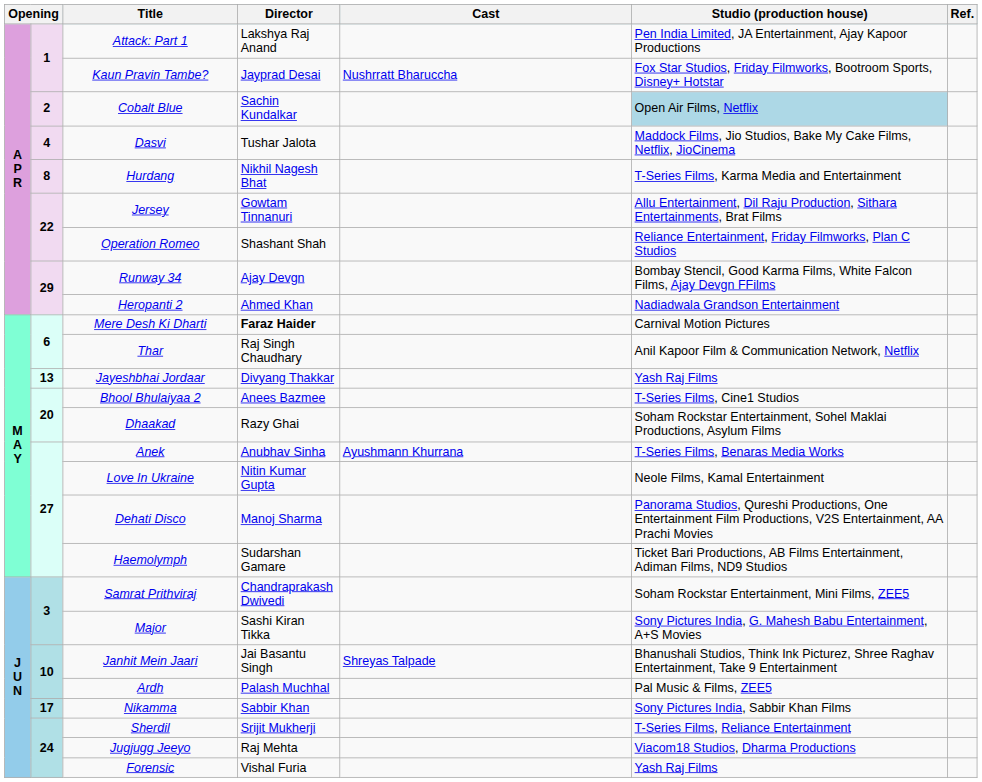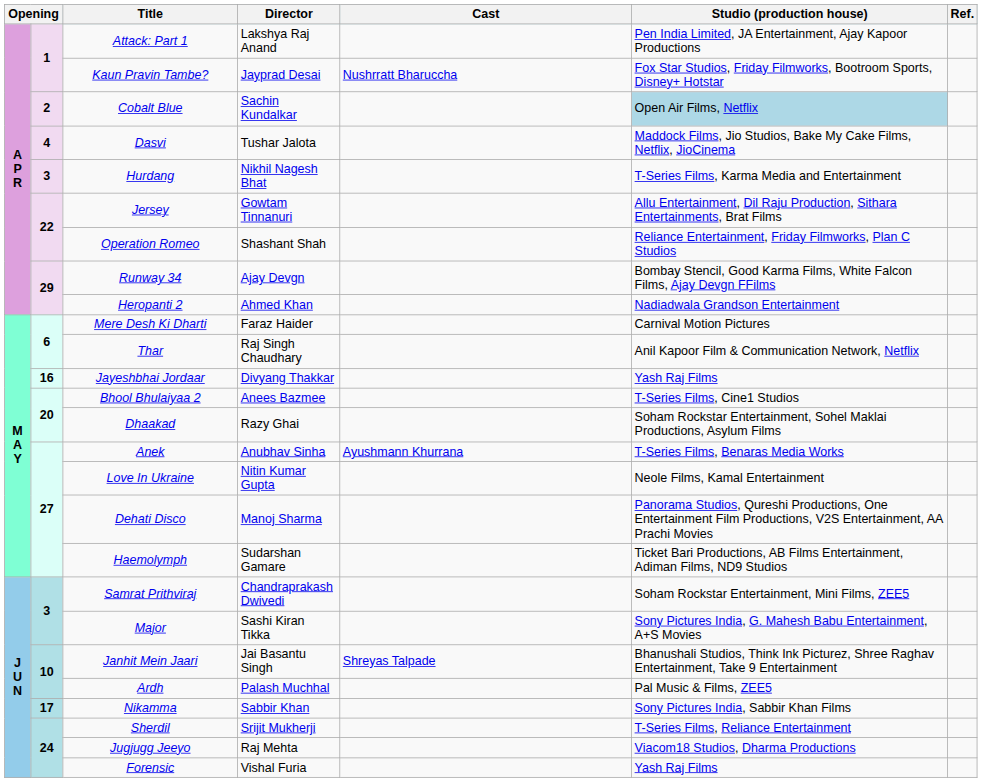 <table class="wikitable">
 <tr style="background:#b0e0e6; text-align:center;">
 <th colspan="2" style="width:6%;"><strong>Opening</strong></th>
 <th style="width:18%;"><strong>Title</strong></th>
 <th style="width:10.5%;"><strong>Director</strong></th>
 <th style="width:30%;"><strong>Cast</strong></th>
 <th>Studio (production house)</th>
 <th>Ref.</th>
 </tr>
 <tr April!>
 <td rowspan="9" style="text-align:center; background:plum;"><strong>A<br>P<br>R</strong></td>
 <td rowspan="2" style="text-align:center;background:#f1daf1;"><strong>1</strong></td>
 <td style="text-align:center;"><em><a href='#'>Attack: Part 1</a></em></td>
 <td>Lakshya Raj Anand</td>
 <td></td>
 <td><a href='#'>Pen India Limited</a>, JA Entertainment, Ajay Kapoor Productions</td>
 <td></td>
 </tr>
 <tr>
 <td style="text-align:center;"><em><a href='#'>Kaun Pravin Tambe?</a></em></td>
 <td><a href='#'>Jayprad Desai</a></td>
 <td><a href='#'>Nushrratt Bharuccha</a></td>
 <td><a href='#'>Fox Star Studios</a>, <a href='#'>Friday Filmworks</a>, Bootroom Sports, <a href='#'>Disney+ Hotstar</a></td>
 <td></td>
 </tr>
 <tr>
 <td style="text-align:center;background:#f1daf1;"><strong>2</strong></td>
 <td style="text-align:center;"><em><a href='#'>Cobalt Blue</a></em></td>
 <td><a href='#'>Sachin Kundalkar</a></td>
 <td></td>
 <td style="background: lightblue;">Open Air Films, <a href='#'>Netflix</a></td>
 <td></td>
 </tr>
 <tr>
 <td style="text-align:center;background:#f1daf1;"><strong>4</strong></td>
 <td style="text-align:center;"><em><a href='#'>Dasvi</a></em></td>
 <td>Tushar Jalota</td>
 <td></td>
 <td><a href='#'>Maddock Films</a>, Jio Studios, Bake My Cake Films, <a href='#'>Netflix</a>, <a href='#'>JioCinema</a></td>
 <td></td>
 </tr>
 <tr>
-<td style="text-align:center;background:#f1daf1;"><strong>8</strong></td>
+<td style="text-align:center;background:#f1daf1;"><strong>3</strong></td>
 <td style="text-align:center;"><em><a href='#'>Hurdang</a></em></td>
 <td><a href='#'>Nikhil Nagesh Bhat</a></td>
 <td></td>
 <td><a href='#'>T-Series Films</a>, Karma Media and Entertainment</td>
 <td></td>
 </tr>
 <tr>
 <td rowspan="2" style="text-align:center;background:#f1daf1;"><strong>22</strong></td>
 <td style="text-align:center;"><em><a href='#'>Jersey</a></em></td>
 <td><a href='#'>Gowtam Tinnanuri</a></td>
 <td></td>
 <td><a href='#'>Allu Entertainment</a>, <a href='#'>Dil Raju Production</a>, <a href='#'>Sithara Entertainments</a>, Brat Films</td>
 <td></td>
 </tr>
 <tr>
 <td style="text-align:center;"><em><a href='#'>Operation Romeo</a></em></td>
 <td>Shashant Shah</td>
 <td></td>
 <td><a href='#'>Reliance Entertainment</a>, <a href='#'>Friday Filmworks</a>, <a href='#'>Plan C Studios</a></td>
 <td></td>
 </tr>
 <tr>
 <td rowspan="2" style="text-align:center;background:#f1daf1;"><strong>29</strong></td>
 <td style="text-align:center;"><em><a href='#'>Runway 34</a></em></td>
 <td><a href='#'>Ajay Devgn</a></td>
 <td></td>
 <td>Bombay Stencil, Good Karma Films, White Falcon Films, <a href='#'>Ajay Devgn FFilms</a></td>
 <td></td>
 </tr>
 <tr>
 <td style="text-align:center;"><em><a href='#'>Heropanti 2</a></em></td>
 <td><a href='#'>Ahmed Khan</a></td>
 <td></td>
 <td><a href='#'>Nadiadwala Grandson Entertainment</a></td>
 <td></td>
 </tr>
 <tr May>
 <td rowspan="9" style="text-align:center; background:#7FFFD4; textcolor:#000;"><strong>M<br>A<br>Y</strong></td>
 <td rowspan="2" style="text-align:center;background:#dbfff8;"><strong>6</strong></td>
 <td style="text-align:center;"><em><a href='#'>Mere Desh Ki Dharti</a></em></td>
-<td><strong>Faraz Haider</strong></td>
+<td>Faraz Haider</td>
 <td></td>
 <td>Carnival Motion Pictures</td>
 <td></td>
 </tr>
 <tr>
 <td style="text-align:center;"><em><a href='#'>Thar</a></em></td>
 <td>Raj Singh Chaudhary</td>
 <td></td>
 <td>Anil Kapoor Film & Communication Network, <a href='#'>Netflix</a></td>
 <td></td>
 </tr>
 <tr>
-<td style="text-align:center;background:#dbfff8;"><strong>13</strong></td>
+<td style="text-align:center;background:#dbfff8;"><strong>16</strong></td>
 <td style="text-align:center;"><em><a href='#'>Jayeshbhai Jordaar</a></em></td>
 <td><a href='#'>Divyang Thakkar</a></td>
 <td></td>
 <td><a href='#'>Yash Raj Films</a></td>
 <td></td>
 </tr>
 <tr>
 <td rowspan="2" style="text-align:center;background:#dbfff8;"><strong>20</strong></td>
 <td style="text-align:center;"><em><a href='#'>Bhool Bhulaiyaa 2</a></em></td>
 <td><a href='#'>Anees Bazmee</a></td>
 <td></td>
 <td><a href='#'>T-Series Films</a>, Cine1 Studios</td>
 <td></td>
 </tr>
 <tr>
 <td style="text-align:center;"><em><a href='#'>Dhaakad</a></em></td>
 <td>Razy Ghai</td>
 <td></td>
 <td>Soham Rockstar Entertainment, Sohel Maklai Productions, Asylum Films</td>
 <td></td>
 </tr>
 <tr>
 <td rowspan="4" style="text-align:center;background:#dbfff8;"><strong>27</strong></td>
 <td style="text-align:center;"><em><a href='#'>Anek</a></em></td>
 <td><a href='#'>Anubhav Sinha</a></td>
 <td><a href='#'>Ayushmann Khurrana</a></td>
 <td><a href='#'>T-Series Films</a>, <a href='#'>Benaras Media Works</a></td>
 <td></td>
 </tr>
 <tr>
 <td style="text-align:center;"><em><a href='#'>Love In Ukraine</a></em></td>
 <td><a href='#'>Nitin Kumar Gupta</a></td>
 <td></td>
 <td>Neole Films, Kamal Entertainment</td>
 <td></td>
 </tr>
 <tr>
 <td style="text-align:center;"><em><a href='#'>Dehati Disco</a></em></td>
 <td><a href='#'>Manoj Sharma</a></td>
 <td></td>
 <td><a href='#'>Panorama Studios</a>, Qureshi Productions, One Entertainment Film Productions, V2S Entertainment, AA Prachi Movies</td>
 <td></td>
 </tr>
 <tr>
 <td style="text-align:center;"><em><a href='#'>Haemolymph</a></em></td>
 <td>Sudarshan Gamare</td>
 <td></td>
 <td>Ticket Bari Productions, AB Films Entertainment, Adiman Films, ND9 Studios</td>
 <td></td>
 </tr>
 <tr June>
 <td rowspan="8" style="text-align:center; background:#93CCEA; textcolor:#000;"><strong>J<br>U<br>N</strong></td>
 <td rowspan="2"  style="text-align:center;background:#B0E0E6;"><strong>3</strong></td>
 <td style="text-align:center;"><em><a href='#'>Samrat Prithviraj</a></em></td>
 <td><a href='#'>Chandraprakash Dwivedi</a></td>
 <td></td>
 <td>Soham Rockstar Entertainment, Mini Films, <a href='#'>ZEE5</a></td>
 <td></td>
 </tr>
 <tr>
 <td style="text-align:center;"><em><a href='#'>Major</a></em></td>
 <td>Sashi Kiran Tikka</td>
 <td></td>
 <td><a href='#'>Sony Pictures India</a>, <a href='#'>G. Mahesh Babu Entertainment</a>, A+S Movies</td>
 <td></td>
 </tr>
 <tr>
 <td rowspan="2" style="text-align:center;background:#B0E0E6;"><strong>10</strong></td>
 <td style="text-align:center;"><em><a href='#'>Janhit Mein Jaari</a></em></td>
 <td>Jai Basantu Singh</td>
 <td><a href='#'>Shreyas Talpade</a></td>
 <td>Bhanushali Studios, Think Ink Picturez, Shree Raghav Entertainment, Take 9 Entertainment</td>
 <td></td>
 </tr>
 <tr>
 <td style="text-align:center;"><em><a href='#'>Ardh</a></em></td>
 <td><a href='#'>Palash Muchhal</a></td>
 <td></td>
 <td>Pal Music & Films, <a href='#'>ZEE5</a></td>
 <td></td>
 </tr>
 <tr>
 <td style="text-align:center;background:#B0E0E6;"><strong>17</strong></td>
 <td style="text-align:center;"><em><a href='#'>Nikamma</a></em></td>
 <td><a href='#'>Sabbir Khan</a></td>
 <td></td>
 <td><a href='#'>Sony Pictures India</a>, Sabbir Khan Films</td>
 <td></td>
 </tr>
 <tr>
 <td rowspan="3" style="text-align:center;background:#B0E0E6;"><strong>24</strong></td>
 <td style="text-align:center;"><em><a href='#'>Sherdil</a></em></td>
 <td><a href='#'>Srijit Mukherji</a></td>
 <td></td>
 <td><a href='#'>T-Series Films</a>, <a href='#'>Reliance Entertainment</a></td>
 <td></td>
 </tr>
 <tr>
 <td style="text-align:center;"><em><a href='#'>Jugjugg Jeeyo</a></em></td>
 <td>Raj Mehta</td>
 <td></td>
 <td><a href='#'>Viacom18 Studios</a>, <a href='#'>Dharma Productions</a></td>
 <td></td>
 </tr>
 <tr>
 <td style="text-align:center;"><em><a href='#'>Forensic</a></em></td>
 <td>Vishal Furia</td>
 <td></td>
 <td><a href='#'>Yash Raj Films</a></td>
 <td></td>
 </tr>
 </table>
